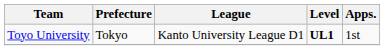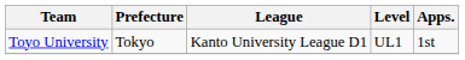 <table class="wikitable" style="text-align:left">
 <tr>
 <th>Team</th>
 <th>Prefecture</th>
 <th>League</th>
 <th>Level</th>
 <th>Apps.</th>
 </tr>
 <tr>
 <td><a href='#'>Toyo University</a></td>
 <td>Tokyo</td>
 <td>Kanto University League D1</td>
-<td><strong>UL1</strong></td>
+<td>UL1</td>
 <td>1st</td>
 </tr>
 <tr>
 </tr>
 </table>
